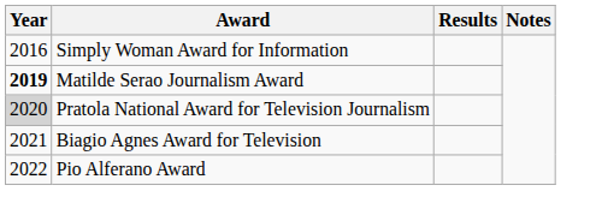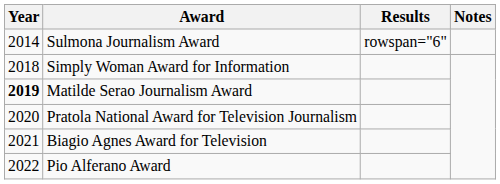 <table class="wikitable">
 <tr>
 <th>Year</th>
 <th>Award</th>
 <th>Results</th>
 <th>Notes</th>
 </tr>
 <tr>
-<td>2016</td>
+<td>2014</td>
+<td>Sulmona Journalism Award</td>
+<td>rowspan="6" </td>
+<td></td>
+</tr>
+<tr>
+<td>2018</td>
 <td>Simply Woman Award for Information</td>
 <td></td>
 </tr>
 <tr>
 <td><strong>2019</strong></td>
 <td>Matilde Serao Journalism Award</td>
 <td></td>
 </tr>
 <tr>
-<td style="background: lightgrey;">2020</td>
+<td>2020</td>
 <td>Pratola National Award for Television Journalism</td>
 <td></td>
 </tr>
 <tr>
 <td>2021</td>
 <td>Biagio Agnes Award for Television</td>
 <td></td>
 </tr>
 <tr>
 <td>2022</td>
 <td>Pio Alferano Award</td>
 <td></td>
 </tr>
 </table>
